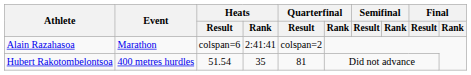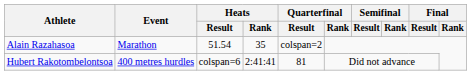 <table class="wikitable" style="font-size:90%">
 <tr>
 <th rowspan="2">Athlete</th>
 <th rowspan="2">Event</th>
 <th colspan="2">Heats</th>
 <th colspan="2">Quarterfinal</th>
 <th colspan="2">Semifinal</th>
 <th colspan="2">Final</th>
 </tr>
 <tr style="font-size:95%">
 <th>Result</th>
 <th>Rank</th>
 <th>Result</th>
 <th>Rank</th>
 <th>Result</th>
 <th>Rank</th>
 <th>Result</th>
 <th>Rank</th>
 </tr>
 <tr align=center>
 <td align=left><a href='#'>Alain Razahasoa</a></td>
 <td align=left><a href='#'>Marathon</a></td>
-<td>colspan=6</td>
-<td>2:41:41</td>
+<td>51.54</td>
+<td>35</td>
 <td>colspan=2</td>
 </tr>
 <tr align=center>
 <td align=left><a href='#'>Hubert Rakotombelontsoa</a></td>
 <td align=left><a href='#'>400 metres hurdles</a></td>
-<td>51.54</td>
-<td>35</td>
+<td>colspan=6</td>
+<td>2:41:41</td>
 <td>81</td>
 <td colspan=4>Did not advance</td>
 </tr>
 </table>
